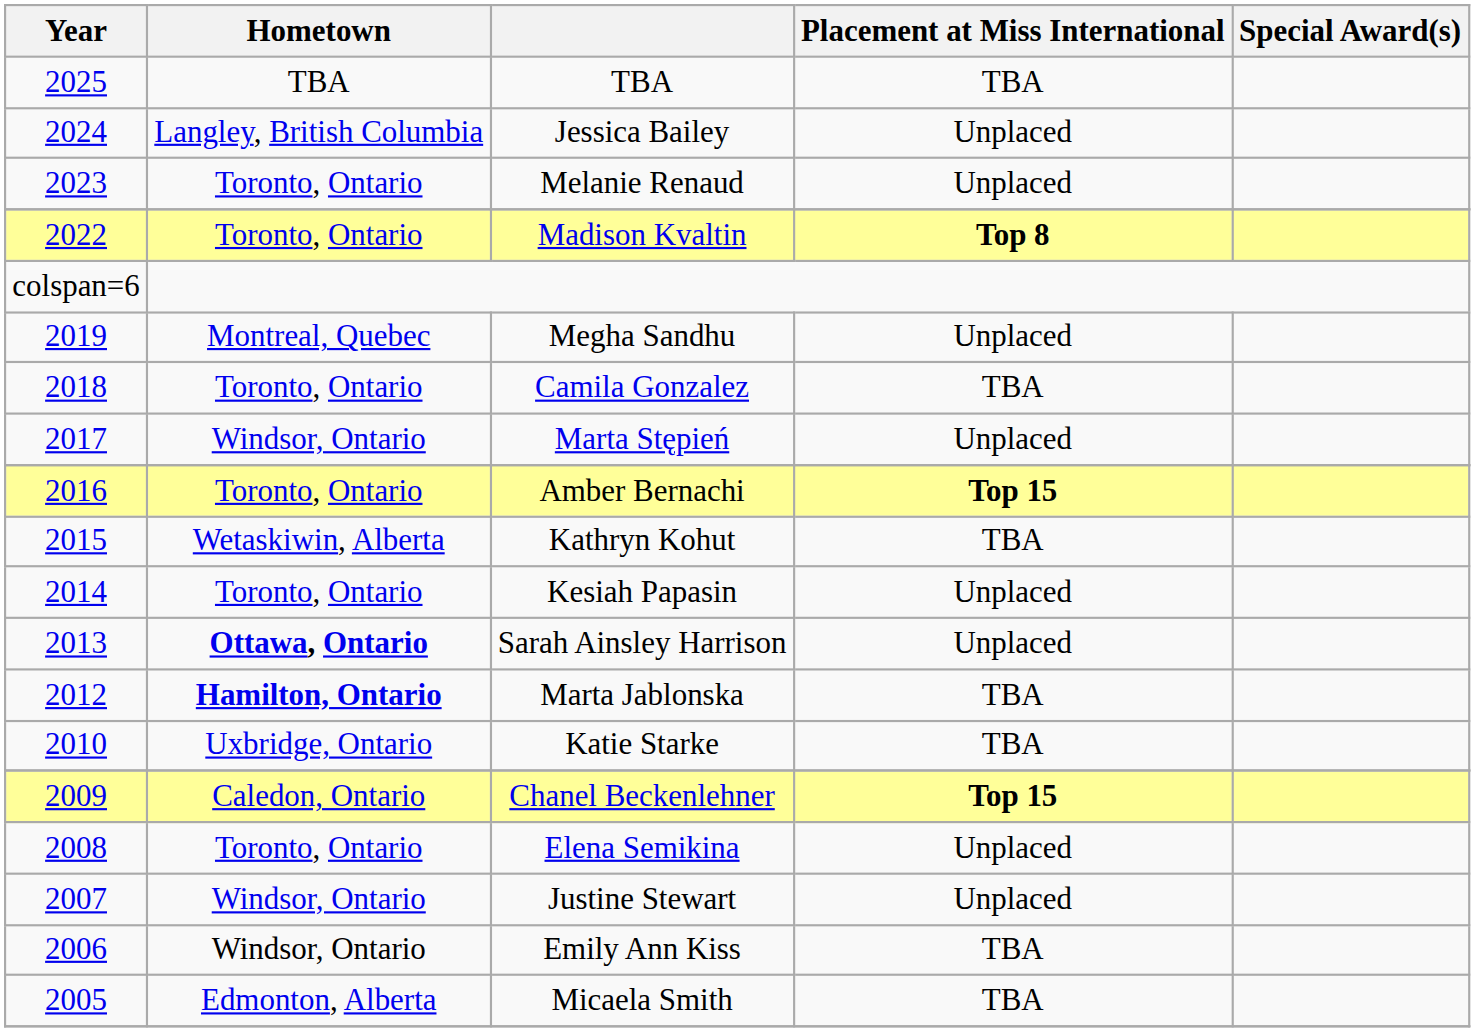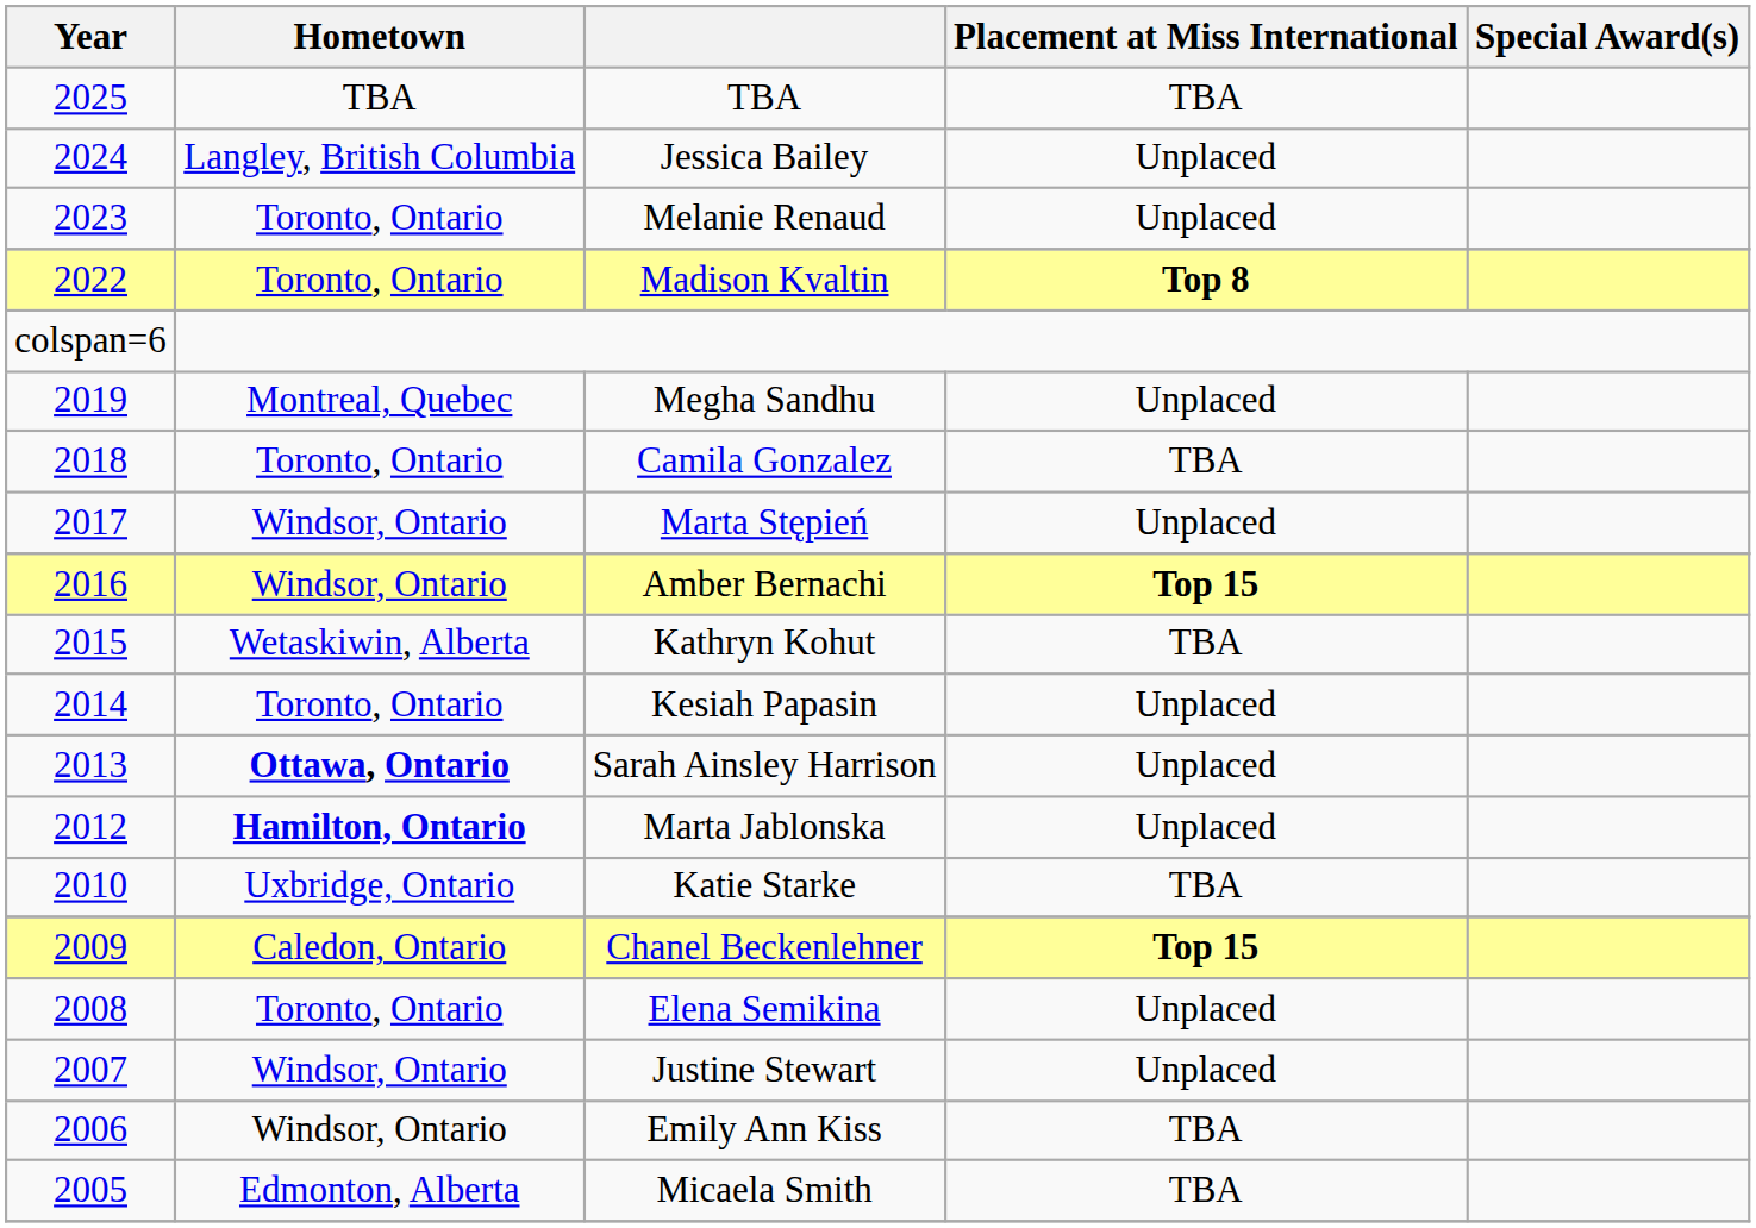 <table class="wikitable" style="font-size: 90%; text-align:center;">
 <tr>
 <th>Year</th>
 <th>Hometown</th>
 <th></th>
 <th>Placement at Miss International</th>
 <th>Special Award(s)</th>
 </tr>
 <tr>
 <td><a href='#'>2025</a></td>
 <td>TBA</td>
 <td>TBA</td>
 <td>TBA</td>
 <td></td>
 </tr>
 <tr>
 <td><a href='#'>2024</a></td>
 <td><a href='#'>Langley</a>, <a href='#'>British Columbia</a></td>
 <td>Jessica Bailey</td>
 <td>Unplaced</td>
 <td></td>
 </tr>
 <tr>
 <td><a href='#'>2023</a></td>
 <td><a href='#'>Toronto</a>, <a href='#'>Ontario</a></td>
 <td>Melanie Renaud</td>
 <td>Unplaced</td>
 <td></td>
 </tr>
 <tr>
 </tr>
 <tr style="background-color:#FFFF99;">
 <td><a href='#'>2022</a></td>
 <td><a href='#'>Toronto</a>, <a href='#'>Ontario</a></td>
 <td><a href='#'>Madison Kvaltin</a></td>
 <td><strong>Top 8</strong></td>
 <td></td>
 </tr>
 <tr>
 <td>colspan=6 </td>
 </tr>
 <tr>
 <td><a href='#'>2019</a></td>
 <td><a href='#'>Montreal, Quebec</a></td>
 <td>Megha Sandhu</td>
 <td>Unplaced</td>
 <td></td>
 </tr>
 <tr>
 <td><a href='#'>2018</a></td>
 <td><a href='#'>Toronto</a>, <a href='#'>Ontario</a></td>
 <td><a href='#'>Camila Gonzalez</a></td>
 <td>TBA</td>
 <td></td>
 </tr>
 <tr>
 <td><a href='#'>2017</a></td>
 <td><a href='#'>Windsor, Ontario</a></td>
 <td><a href='#'>Marta Stępień</a></td>
 <td>Unplaced</td>
 <td></td>
 </tr>
 <tr>
 </tr>
 <tr style="background-color:#FFFF99;">
 <td><a href='#'>2016</a></td>
-<td><a href='#'>Toronto</a>, <a href='#'>Ontario</a></td>
+<td><a href='#'>Windsor, Ontario</a></td>
 <td>Amber Bernachi</td>
 <td><strong>Top 15</strong></td>
 <td></td>
 </tr>
 <tr>
 <td><a href='#'>2015</a></td>
 <td><a href='#'>Wetaskiwin</a>, <a href='#'>Alberta</a></td>
 <td>Kathryn Kohut</td>
 <td>TBA</td>
 <td></td>
 </tr>
 <tr>
 <td><a href='#'>2014</a></td>
 <td><a href='#'>Toronto</a>, <a href='#'>Ontario</a></td>
 <td>Kesiah Papasin</td>
 <td>Unplaced</td>
 <td></td>
 </tr>
 <tr>
 <td><a href='#'>2013</a></td>
 <td><strong><a href='#'>Ottawa</a>, <a href='#'>Ontario</a></strong></td>
 <td>Sarah Ainsley Harrison</td>
 <td>Unplaced</td>
 <td></td>
 </tr>
 <tr>
 <td><a href='#'>2012</a></td>
 <td><strong><a href='#'>Hamilton, Ontario</a></strong></td>
 <td>Marta Jablonska</td>
-<td>TBA</td>
+<td>Unplaced</td>
 <td></td>
 </tr>
 <tr>
 <td><a href='#'>2010</a></td>
 <td><a href='#'>Uxbridge, Ontario</a></td>
 <td>Katie Starke</td>
 <td>TBA</td>
 <td></td>
 </tr>
 <tr>
 </tr>
 <tr style="background-color:#FFFF99;">
 <td><a href='#'>2009</a></td>
 <td><a href='#'>Caledon, Ontario</a></td>
 <td><a href='#'>Chanel Beckenlehner</a></td>
 <td><strong>Top 15</strong></td>
 <td></td>
 </tr>
 <tr>
 <td><a href='#'>2008</a></td>
 <td><a href='#'>Toronto</a>, <a href='#'>Ontario</a></td>
 <td><a href='#'>Elena Semikina</a></td>
 <td>Unplaced</td>
 <td></td>
 </tr>
 <tr>
 <td><a href='#'>2007</a></td>
 <td><a href='#'>Windsor, Ontario</a></td>
 <td>Justine Stewart</td>
 <td>Unplaced</td>
 <td></td>
 </tr>
 <tr>
 <td><a href='#'>2006</a></td>
 <td>Windsor, Ontario</td>
 <td>Emily Ann Kiss</td>
 <td>TBA</td>
 <td></td>
 </tr>
 <tr>
 <td><a href='#'>2005</a></td>
 <td><a href='#'>Edmonton</a>, <a href='#'>Alberta</a></td>
 <td>Micaela Smith</td>
 <td>TBA</td>
 <td></td>
 </tr>
 <tr>
 </tr>
 </table>
